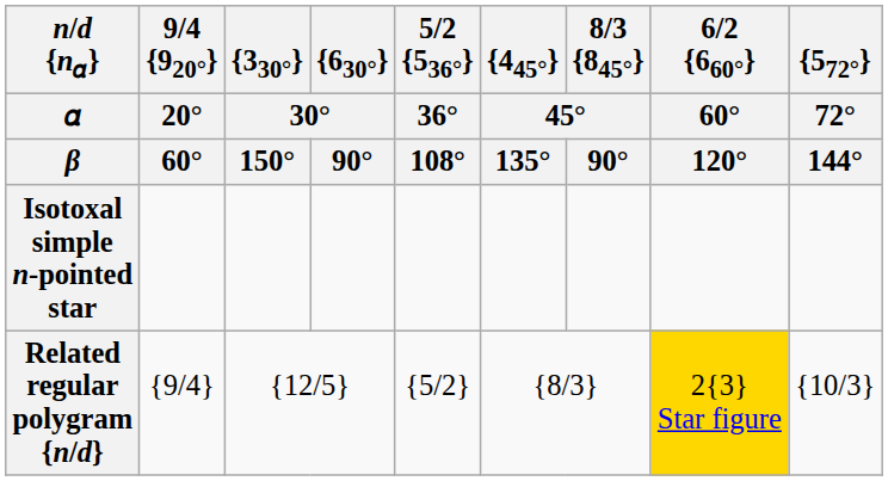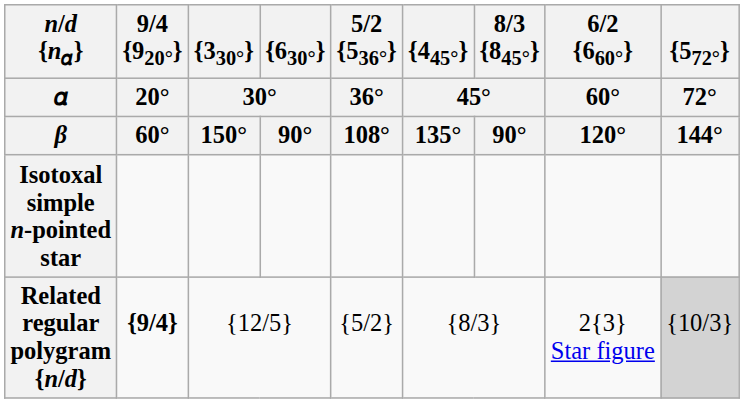 <table class=wikitable>
 <tr valign=top align=center>
 <th><em>n</em>/<em>d</em><br>{<em>n</em><sub>𝛼</sub>}</th>
 <th>9/4<br>{9<sub>20°</sub>}</th>
 <th> <br>{3<sub>30°</sub>}</th>
 <th> <br>{6<sub>30°</sub>}</th>
 <th>5/2<br>{5<sub>36°</sub>}</th>
 <th> <br>{4<sub>45°</sub>}</th>
 <th>8/3<br>{8<sub>45°</sub>}</th>
 <th>6/2<br>{6<sub>60°</sub>}</th>
 <th> <br>{5<sub>72°</sub>}</th>
 </tr>
 <tr>
 <th>𝛼</th>
 <th>20°</th>
 <th colspan=2>30°</th>
 <th>36°</th>
 <th colspan=2>45°</th>
 <th>60°</th>
 <th>72°</th>
 </tr>
 <tr>
 <th><em>β</em></th>
 <th>60°</th>
 <th>150°</th>
 <th>90°</th>
 <th>108°</th>
 <th>135°</th>
 <th>90°</th>
 <th>120°</th>
 <th>144°</th>
 </tr>
 <tr valign=top align=center>
 <th valign=center>Isotoxal<br>simple<br><em>n</em>-pointed<br>star</th>
 <td></td>
 <td></td>
 <td></td>
 <td></td>
 <td></td>
 <td></td>
 <td></td>
 <td></td>
 </tr>
 <tr valign=top align=center>
 <th valign=center>Related<br>regular<br>polygram<br>{<em>n</em>/<em>d</em>}</th>
-<td><br>{9/4}</td>
+<td><strong><br>{9/4}</strong></td>
 <td colspan=2><br>{12/5}</td>
 <td><br>{5/2}</td>
 <td colspan=2><br>{8/3}</td>
-<td style="background: gold;"><br>2{3}<br><a href='#'>Star figure</a></td>
-<td><br>{10/3}</td>
+<td><br>2{3}<br><a href='#'>Star figure</a></td>
+<td style="background: lightgrey;"><br>{10/3}</td>
 </tr>
 </table>
